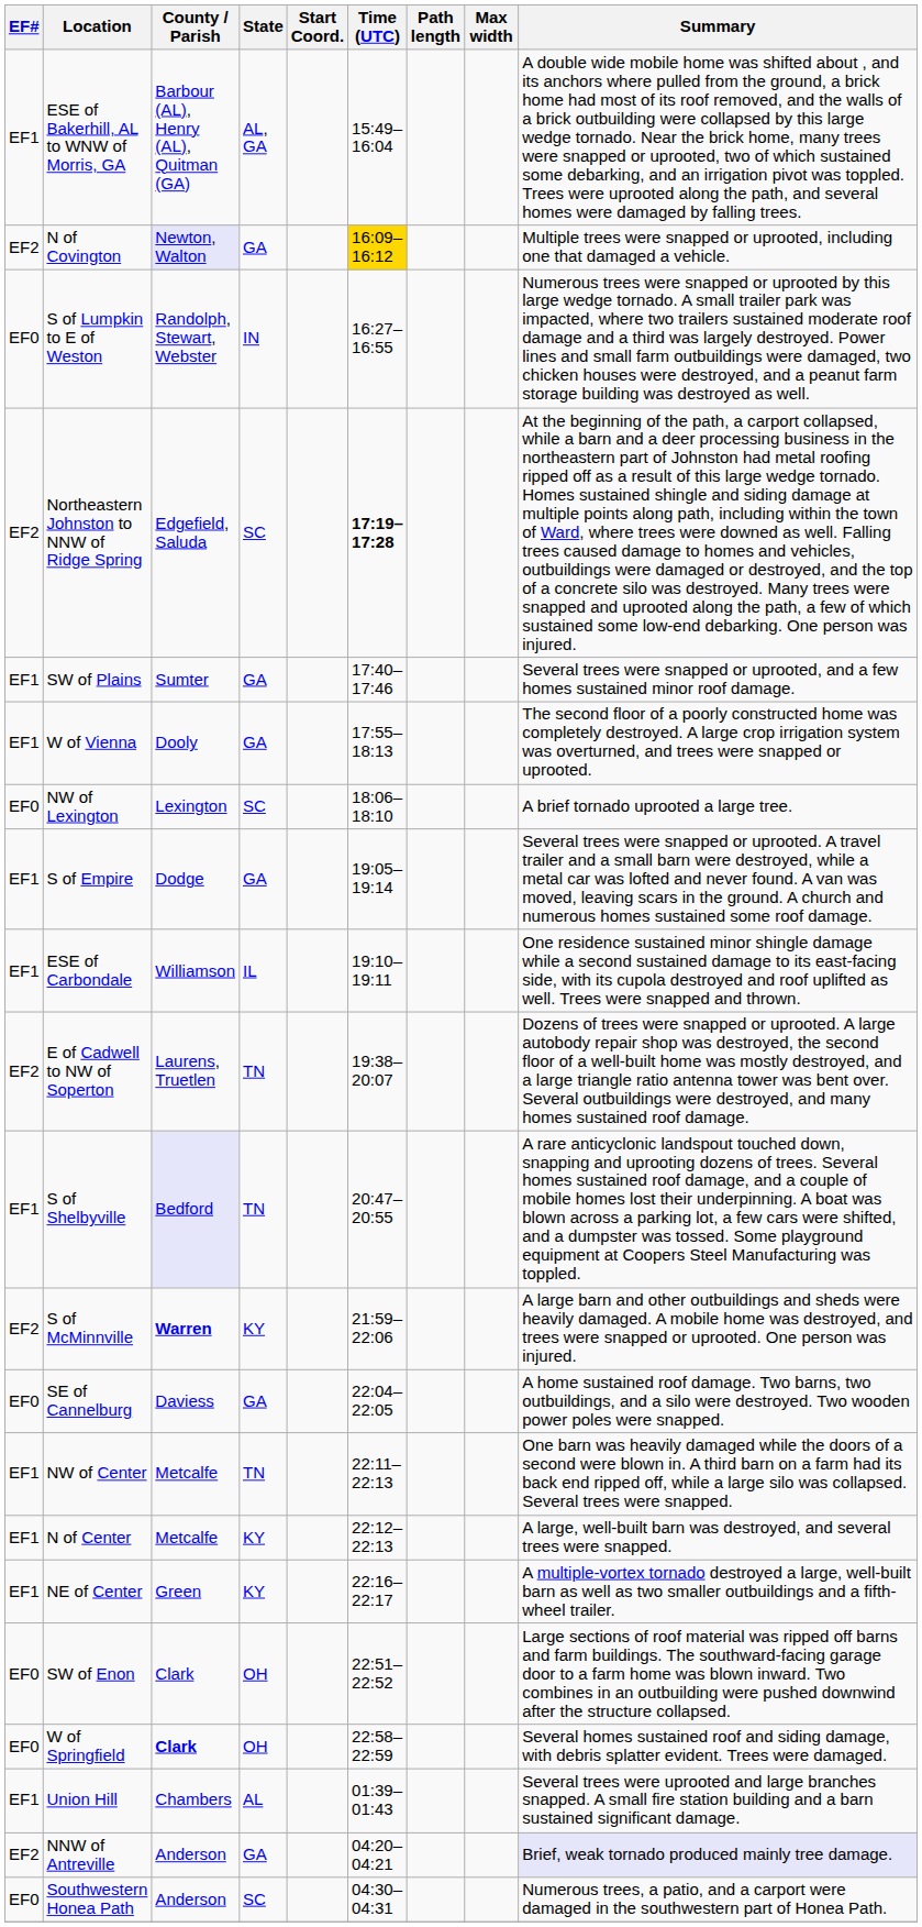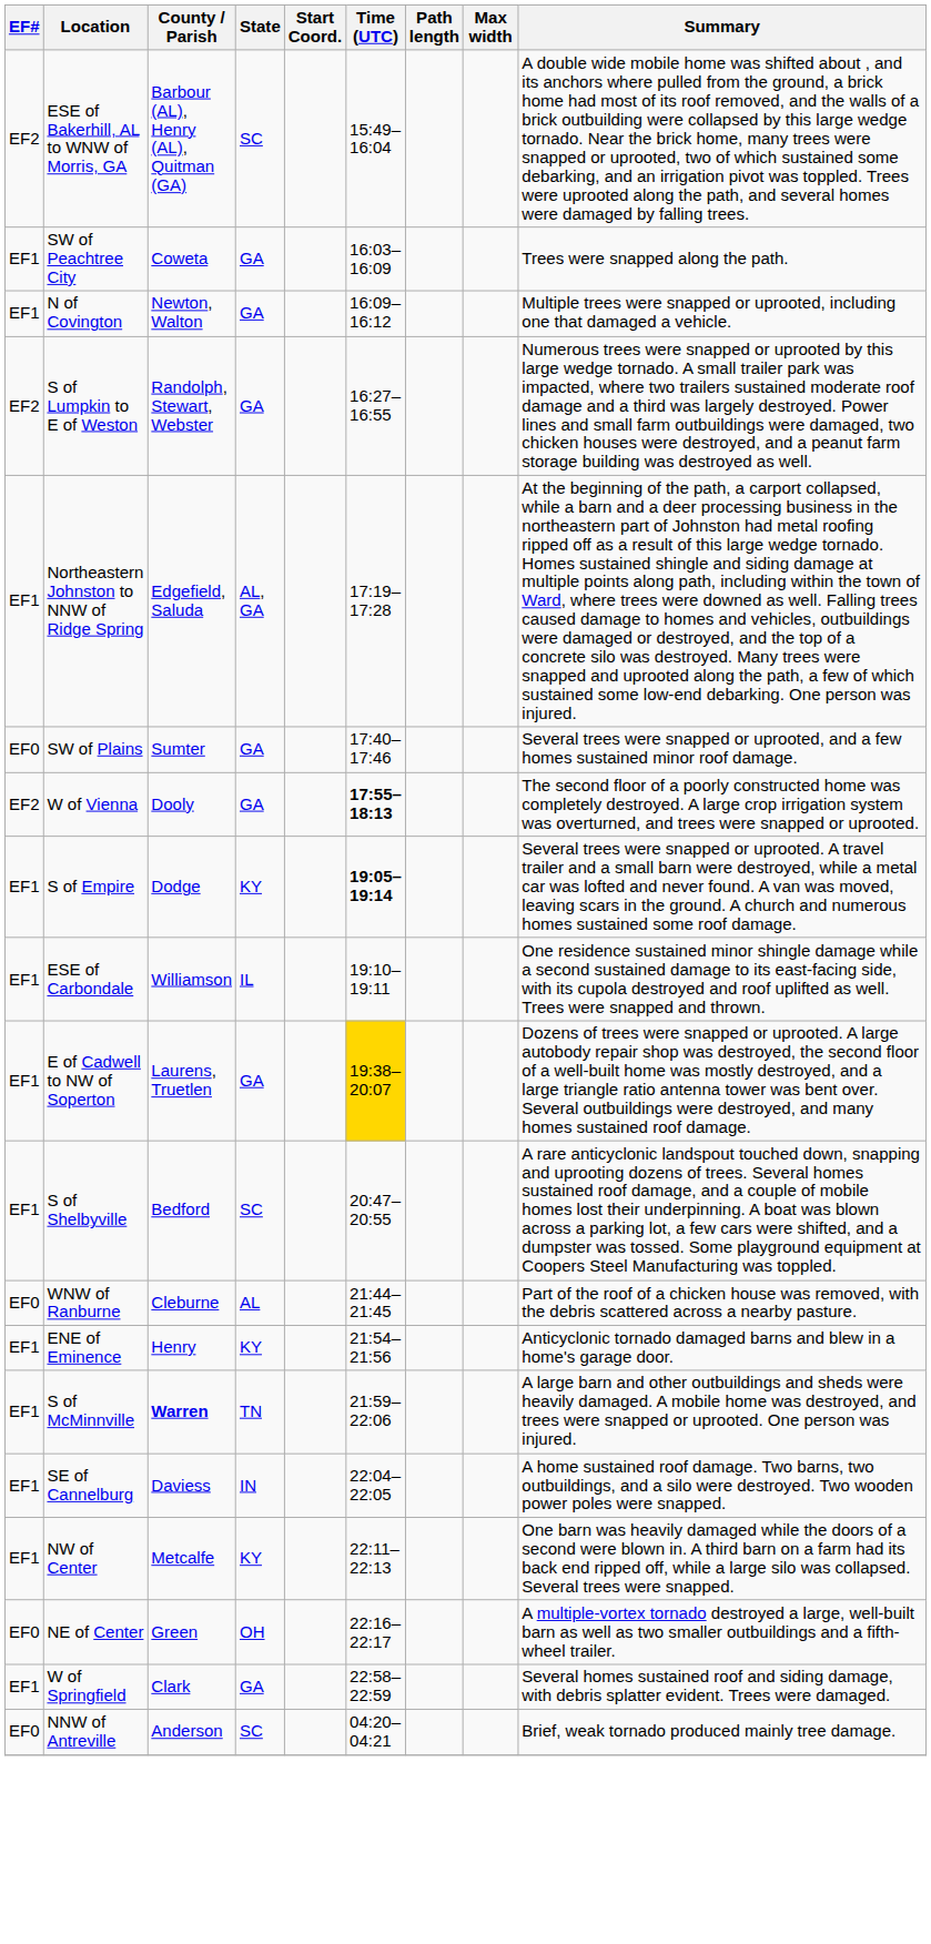 <table class="wikitable sortable" style="width:100%;">
 <tr>
 <th scope="col"  style="width:3%; text-align:center;"><a href='#'>EF#</a></th>
 <th scope="col"  style="width:7%; text-align:center;" class="unsortable">Location</th>
 <th scope="col"  style="width:6%; text-align:center;" class="unsortable">County / Parish</th>
 <th scope="col"  style="width:5%; text-align:center;">State</th>
 <th scope="col"  style="width:6%; text-align:center;">Start Coord.</th>
 <th scope="col"  style="width:6%; text-align:center;">Time (<a href='#'>UTC</a>)</th>
 <th scope="col"  style="width:6%; text-align:center;">Path length</th>
 <th scope="col"  style="width:6%; text-align:center;">Max width</th>
 <th scope="col" class="unsortable" style="width:48%; text-align:center;">Summary</th>
 </tr>
 <tr>
-<td>EF1</td>
+<td>EF2</td>
 <td>ESE of <a href='#'>Bakerhill, AL</a> to WNW of <a href='#'>Morris, GA</a></td>
 <td><a href='#'>Barbour (AL)</a>, <a href='#'>Henry (AL)</a>, <a href='#'>Quitman (GA)</a></td>
-<td><a href='#'>AL</a>, <a href='#'>GA</a></td>
+<td><a href='#'>SC</a></td>
 <td></td>
 <td>15:49–16:04</td>
 <td></td>
 <td></td>
 <td>A double wide mobile home was shifted about , and its anchors where pulled from the ground, a brick home had most of its roof removed, and the walls of a brick outbuilding were collapsed by this large wedge tornado. Near the brick home, many trees were snapped or uprooted, two of which sustained some debarking, and an irrigation pivot was toppled. Trees were uprooted along the path, and several homes were damaged by falling trees.</td>
 </tr>
 <tr>
-<td>EF2</td>
-<td>N of <a href='#'>Covington</a></td>
-<td style="background: lavender;"><a href='#'>Newton</a>, <a href='#'>Walton</a></td>
+<td>EF1</td>
+<td>SW of <a href='#'>Peachtree City</a></td>
+<td><a href='#'>Coweta</a></td>
 <td><a href='#'>GA</a></td>
 <td></td>
-<td style="background: gold;">16:09–16:12</td>
+<td>16:03–16:09</td>
+<td></td>
+<td></td>
+<td>Trees were snapped along the path.</td>
+</tr>
+<tr>
+<td>EF1</td>
+<td>N of <a href='#'>Covington</a></td>
+<td><a href='#'>Newton</a>, <a href='#'>Walton</a></td>
+<td><a href='#'>GA</a></td>
+<td></td>
+<td>16:09–16:12</td>
 <td></td>
 <td></td>
 <td>Multiple trees were snapped or uprooted, including one that damaged a vehicle.</td>
 </tr>
 <tr>
-<td>EF0</td>
+<td>EF2</td>
 <td>S of <a href='#'>Lumpkin</a> to E of <a href='#'>Weston</a></td>
 <td><a href='#'>Randolph</a>, <a href='#'>Stewart</a>, <a href='#'>Webster</a></td>
-<td><a href='#'>IN</a></td>
+<td><a href='#'>GA</a></td>
 <td></td>
 <td>16:27–16:55</td>
 <td></td>
 <td></td>
 <td>Numerous trees were snapped or uprooted by this large wedge tornado. A small trailer park was impacted, where two trailers sustained moderate roof damage and a third was largely destroyed. Power lines and small farm outbuildings were damaged, two chicken houses were destroyed, and a peanut farm storage building was destroyed as well.<br></td>
 </tr>
 <tr>
-<td>EF2</td>
+<td>EF1</td>
 <td>Northeastern <a href='#'>Johnston</a> to NNW of <a href='#'>Ridge Spring</a></td>
 <td><a href='#'>Edgefield</a>, <a href='#'>Saluda</a></td>
-<td><a href='#'>SC</a></td>
+<td><a href='#'>AL</a>, <a href='#'>GA</a></td>
 <td></td>
-<td><strong>17:19–17:28</strong></td>
+<td>17:19–17:28</td>
 <td></td>
 <td></td>
 <td>At the beginning of the path, a carport collapsed, while a barn and a deer processing business in the northeastern part of Johnston had metal roofing ripped off as a result of this large wedge tornado. Homes sustained shingle and siding damage at multiple points along path, including within the town of <a href='#'>Ward</a>, where trees were downed as well. Falling trees caused damage to homes and vehicles, outbuildings were damaged or destroyed, and the top of a concrete silo was destroyed. Many trees were snapped and uprooted along the path, a few of which sustained some low-end debarking. One person was injured.</td>
 </tr>
 <tr>
-<td>EF1</td>
+<td>EF0</td>
 <td>SW of <a href='#'>Plains</a></td>
 <td><a href='#'>Sumter</a></td>
 <td><a href='#'>GA</a></td>
 <td></td>
 <td>17:40–17:46</td>
 <td></td>
 <td></td>
 <td>Several trees were snapped or uprooted, and a few homes sustained minor roof damage.</td>
 </tr>
 <tr>
-<td>EF1</td>
+<td>EF2</td>
 <td>W of <a href='#'>Vienna</a></td>
 <td><a href='#'>Dooly</a></td>
 <td><a href='#'>GA</a></td>
 <td></td>
-<td>17:55–18:13</td>
+<td><strong>17:55–18:13</strong></td>
 <td></td>
 <td></td>
 <td>The second floor of a poorly constructed home was completely destroyed. A large crop irrigation system was overturned, and trees were snapped or uprooted.</td>
 </tr>
 <tr>
-<td>EF0</td>
-<td>NW of <a href='#'>Lexington</a></td>
-<td><a href='#'>Lexington</a></td>
-<td><a href='#'>SC</a></td>
-<td></td>
-<td>18:06–18:10</td>
-<td></td>
-<td></td>
-<td>A brief tornado uprooted a large tree.</td>
-</tr>
-<tr>
 <td>EF1</td>
 <td>S of <a href='#'>Empire</a></td>
 <td><a href='#'>Dodge</a></td>
-<td><a href='#'>GA</a></td>
+<td><a href='#'>KY</a></td>
 <td></td>
-<td>19:05–19:14</td>
+<td><strong>19:05–19:14</strong></td>
 <td></td>
 <td></td>
 <td>Several trees were snapped or uprooted. A travel trailer and a small barn were destroyed, while a metal car was lofted and never found. A van was moved, leaving scars in the ground. A church and numerous homes sustained some roof damage.</td>
 </tr>
 <tr>
 <td>EF1</td>
 <td>ESE of <a href='#'>Carbondale</a></td>
 <td><a href='#'>Williamson</a></td>
 <td><a href='#'>IL</a></td>
 <td></td>
 <td>19:10–19:11</td>
 <td></td>
 <td></td>
 <td>One residence sustained minor shingle damage while a second sustained damage to its east-facing side, with its cupola destroyed and roof uplifted as well. Trees were snapped and thrown.</td>
 </tr>
 <tr>
-<td>EF2</td>
+<td>EF1</td>
 <td>E of <a href='#'>Cadwell</a> to NW of <a href='#'>Soperton</a></td>
 <td><a href='#'>Laurens</a>, <a href='#'>Truetlen</a></td>
-<td><a href='#'>TN</a></td>
+<td><a href='#'>GA</a></td>
 <td></td>
-<td>19:38–20:07</td>
+<td style="background: gold;">19:38–20:07</td>
 <td></td>
 <td></td>
 <td>Dozens of trees were snapped or uprooted. A large autobody repair shop was destroyed, the second floor of a well-built home was mostly destroyed, and a large triangle ratio antenna tower was bent over. Several outbuildings were destroyed, and many homes sustained roof damage.</td>
 </tr>
 <tr>
 <td>EF1</td>
 <td>S of <a href='#'>Shelbyville</a></td>
-<td style="background: lavender;"><a href='#'>Bedford</a></td>
-<td><a href='#'>TN</a></td>
+<td><a href='#'>Bedford</a></td>
+<td><a href='#'>SC</a></td>
 <td></td>
 <td>20:47–20:55</td>
 <td></td>
 <td></td>
 <td>A rare anticyclonic landspout touched down, snapping and uprooting dozens of trees. Several homes sustained roof damage, and a couple of mobile homes lost their underpinning. A boat was blown across a parking lot, a few cars were shifted, and a dumpster was tossed. Some playground equipment at Coopers Steel Manufacturing was toppled.</td>
 </tr>
 <tr>
-<td>EF2</td>
+<td>EF0</td>
+<td>WNW of <a href='#'>Ranburne</a></td>
+<td><a href='#'>Cleburne</a></td>
+<td><a href='#'>AL</a></td>
+<td></td>
+<td>21:44–21:45</td>
+<td></td>
+<td></td>
+<td>Part of the roof of a chicken house was removed, with the debris scattered across a nearby pasture.</td>
+</tr>
+<tr>
+<td>EF1</td>
+<td>ENE of <a href='#'>Eminence</a></td>
+<td><a href='#'>Henry</a></td>
+<td><a href='#'>KY</a></td>
+<td></td>
+<td>21:54–21:56</td>
+<td></td>
+<td></td>
+<td>Anticyclonic tornado damaged barns and blew in a home's garage door.</td>
+</tr>
+<tr>
+<td>EF1</td>
 <td>S of <a href='#'>McMinnville</a></td>
 <td><strong><a href='#'>Warren</a></strong></td>
-<td><a href='#'>KY</a></td>
+<td><a href='#'>TN</a></td>
 <td></td>
 <td>21:59–22:06</td>
 <td></td>
 <td></td>
 <td>A large barn and other outbuildings and sheds were heavily damaged. A mobile home was destroyed, and trees were snapped or uprooted. One person was injured.</td>
 </tr>
 <tr>
-<td>EF0</td>
+<td>EF1</td>
 <td>SE of <a href='#'>Cannelburg</a></td>
 <td><a href='#'>Daviess</a></td>
-<td><a href='#'>GA</a></td>
+<td><a href='#'>IN</a></td>
 <td></td>
 <td>22:04–22:05</td>
 <td></td>
 <td></td>
 <td>A home sustained roof damage. Two barns, two outbuildings, and a silo were destroyed. Two wooden power poles were snapped.</td>
 </tr>
 <tr>
 <td>EF1</td>
 <td>NW of <a href='#'>Center</a></td>
 <td><a href='#'>Metcalfe</a></td>
-<td><a href='#'>TN</a></td>
+<td><a href='#'>KY</a></td>
 <td></td>
 <td>22:11–22:13</td>
 <td></td>
 <td></td>
 <td>One barn was heavily damaged while the doors of a second were blown in. A third barn on a farm had its back end ripped off, while a large silo was collapsed. Several trees were snapped.</td>
 </tr>
 <tr>
-<td>EF1</td>
-<td>N of <a href='#'>Center</a></td>
-<td><a href='#'>Metcalfe</a></td>
-<td><a href='#'>KY</a></td>
-<td></td>
-<td>22:12–22:13</td>
-<td></td>
-<td></td>
-<td>A large, well-built barn was destroyed, and several trees were snapped.</td>
-</tr>
-<tr>
-<td>EF1</td>
+<td>EF0</td>
 <td>NE of <a href='#'>Center</a></td>
 <td><a href='#'>Green</a></td>
-<td><a href='#'>KY</a></td>
+<td><a href='#'>OH</a></td>
 <td></td>
 <td>22:16–22:17</td>
 <td></td>
 <td></td>
 <td>A <a href='#'>multiple-vortex tornado</a> destroyed a large, well-built barn as well as two smaller outbuildings and a fifth-wheel trailer.</td>
 </tr>
 <tr>
-<td>EF0</td>
-<td>SW of <a href='#'>Enon</a></td>
+<td>EF1</td>
+<td>W of <a href='#'>Springfield</a></td>
 <td><a href='#'>Clark</a></td>
-<td><a href='#'>OH</a></td>
-<td></td>
-<td>22:51–22:52</td>
-<td></td>
-<td></td>
-<td>Large sections of roof material was ripped off barns and farm buildings. The southward-facing garage door to a farm home was blown inward. Two combines in an outbuilding were pushed downwind after the structure collapsed.</td>
-</tr>
-<tr>
-<td>EF0</td>
-<td>W of <a href='#'>Springfield</a></td>
-<td><strong><a href='#'>Clark</a></strong></td>
-<td><a href='#'>OH</a></td>
+<td><a href='#'>GA</a></td>
 <td></td>
 <td>22:58–22:59</td>
 <td></td>
 <td></td>
 <td>Several homes sustained roof and siding damage, with debris splatter evident. Trees were damaged.</td>
 </tr>
 <tr>
-<td>EF1</td>
-<td><a href='#'>Union Hill</a></td>
-<td><a href='#'>Chambers</a></td>
-<td><a href='#'>AL</a></td>
-<td></td>
-<td>01:39–01:43</td>
-<td></td>
-<td></td>
-<td>Several trees were uprooted and large branches snapped. A small fire station building and a barn sustained significant damage.</td>
-</tr>
-<tr>
-<td>EF2</td>
+<td>EF0</td>
 <td>NNW of <a href='#'>Antreville</a></td>
 <td><a href='#'>Anderson</a></td>
-<td><a href='#'>GA</a></td>
+<td><a href='#'>SC</a></td>
 <td></td>
 <td>04:20–04:21</td>
 <td></td>
 <td></td>
-<td style="background: lavender;">Brief, weak tornado produced mainly tree damage.</td>
-</tr>
-<tr>
-<td>EF0</td>
-<td><a href='#'>Southwestern Honea Path</a></td>
-<td><a href='#'>Anderson</a></td>
-<td><a href='#'>SC</a></td>
-<td></td>
-<td>04:30–04:31</td>
-<td></td>
-<td></td>
-<td>Numerous trees, a patio, and a carport were damaged in the southwestern part of Honea Path.</td>
+<td>Brief, weak tornado produced mainly tree damage.</td>
 </tr>
 <tr>
 </tr>
 </table>
